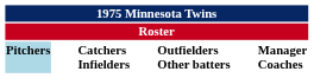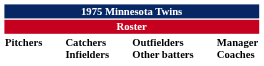 <table class="toccolours" style="font-size: 95%;">
 <tr>
 <th colspan="10" style="background-color: #072764; color: white; text-align: center;">1975 Minnesota Twins</th>
 </tr>
 <tr>
 <td colspan="10" style="background-color: #c6011f; color: white; text-align: center;"><strong>Roster</strong></td>
 </tr>
 <tr>
-<td valign="top" style="background: lightblue;"><strong>Pitchers</strong><br>            </td>
+<td valign="top"><strong>Pitchers</strong><br>            </td>
 <td width="25px"></td>
 <td valign="top"><strong>Catchers</strong><br>   <strong>Infielders</strong>          </td>
 <td width="25px"></td>
 <td valign="top"><strong>Outfielders</strong><br>        <strong>Other batters</strong> </td>
 <td width="25px"></td>
 <td valign="top"><strong>Manager</strong><br> <strong>Coaches</strong>   </td>
 </tr>
 <tr>
 </tr>
 </table>
